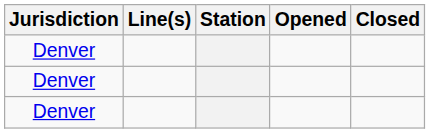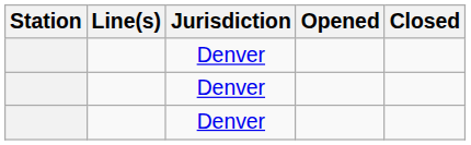 <table class="wikitable sortable plainrowheaders" summary="List of former stations (sortable), Lines, Jurisdiction (sortable), Date opened (sortable), Fare zone A to D (sortable), Number of Parking spaces (sortable), and References">
 <tr>
+<th scope="col">Station</th>
+<th scope="col" class="unsortable">Line(s)</th>
 <th scope="col">Jurisdiction</th>
-<th scope="col" class="unsortable">Line(s)</th>
-<th scope="col">Station</th>
 <th scope="col">Opened</th>
 <th scope="col">Closed</th>
 </tr>
 <tr>
+<th scope="row"></th>
+<td></td>
 <td align=center><a href='#'>Denver</a></td>
-<td></td>
-<th scope="row"></th>
 <td align=right></td>
 <td align=right></td>
 </tr>
 <tr>
+<th scope="row"></th>
+<td></td>
 <td align=center><a href='#'>Denver</a></td>
-<td></td>
-<th scope="row"></th>
 <td align=right></td>
 <td align=right></td>
 </tr>
 <tr>
+<th scope="row"></th>
+<td></td>
 <td align=center><a href='#'>Denver</a></td>
-<td></td>
-<th scope="row"></th>
 <td align=right></td>
 <td align=right></td>
 </tr>
 </table>
